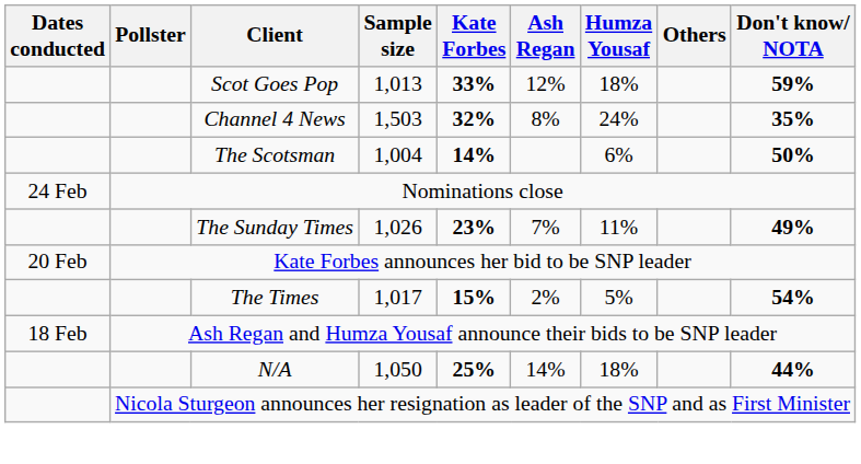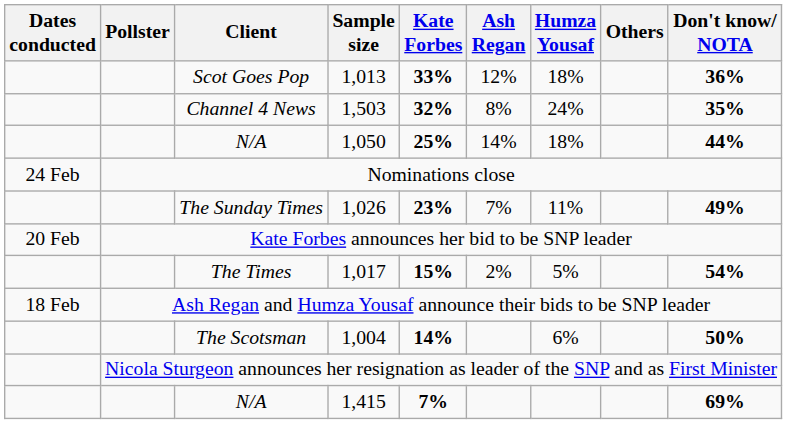 <table class="wikitable" style="font-size:90%;text-align:center">
 <tr>
 <th>Dates<br>conducted</th>
 <th>Pollster</th>
 <th>Client</th>
 <th>Sample<br>size</th>
 <th><a href='#'>Kate<br>Forbes</a></th>
 <th><a href='#'>Ash<br>Regan</a></th>
 <th><a href='#'>Humza<br>Yousaf</a></th>
 <th>Others</th>
 <th>Don't know/<br><a href='#'>NOTA</a></th>
 </tr>
 <tr>
 <td></td>
 <td></td>
 <td><em> Scot Goes Pop</em></td>
 <td>1,013</td>
 <td style="background:"><strong>33%</strong></td>
 <td>12%</td>
 <td>18%</td>
 <td></td>
-<td><strong>59%</strong></td>
+<td><strong>36%</strong></td>
 </tr>
 <tr>
 <td></td>
 <td></td>
 <td><em> Channel 4 News</em></td>
 <td>1,503</td>
 <td style="background:"><strong>32%</strong></td>
 <td>8%</td>
 <td>24%</td>
 <td></td>
 <td><strong>35%</strong></td>
 </tr>
 <tr>
 <td></td>
 <td></td>
-<td><em>The Scotsman</em></td>
-<td>1,004</td>
-<td style="background:"><strong>14%</strong></td>
+<td><em>N/A</em></td>
+<td>1,050</td>
+<td style="background:"><strong>25%</strong></td>
+<td>14%</td>
+<td>18%</td>
 <td></td>
-<td>6%</td>
-<td></td>
-<td><strong>50%</strong></td>
+<td><strong>44%</strong></td>
 </tr>
 <tr>
 <td>24 Feb</td>
 <td colspan="8">Nominations close</td>
 </tr>
 <tr>
 <td></td>
 <td></td>
 <td><em> The Sunday Times</em></td>
 <td>1,026</td>
 <td style="background:"><strong>23%</strong></td>
 <td>7%</td>
 <td>11%</td>
 <td></td>
 <td><strong>49%</strong></td>
 </tr>
 <tr>
 <td>20 Feb</td>
 <td colspan="8"><a href='#'>Kate Forbes</a> announces her bid to be SNP leader</td>
 </tr>
 <tr>
 <td></td>
 <td></td>
 <td><em>The Times</em></td>
 <td>1,017</td>
 <td style="background:"><strong>15%</strong></td>
 <td>2%</td>
 <td>5%</td>
 <td></td>
 <td><strong>54%</strong></td>
 </tr>
 <tr>
 <td>18 Feb</td>
 <td colspan="8"><a href='#'>Ash Regan</a> and <a href='#'>Humza Yousaf</a> announce their bids to be SNP leader</td>
 </tr>
 <tr>
 <td></td>
 <td></td>
-<td><em>N/A</em></td>
-<td>1,050</td>
-<td style="background:"><strong>25%</strong></td>
-<td>14%</td>
-<td>18%</td>
+<td><em>The Scotsman</em></td>
+<td>1,004</td>
+<td style="background:"><strong>14%</strong></td>
 <td></td>
-<td><strong>44%</strong></td>
+<td>6%</td>
+<td></td>
+<td><strong>50%</strong></td>
 </tr>
 <tr>
 <td></td>
 <td colspan="8"><a href='#'>Nicola Sturgeon</a> announces her resignation as leader of the <a href='#'>SNP</a> and as <a href='#'>First Minister</a></td>
 </tr>
+<tr>
+<td></td>
+<td></td>
+<td><em>N/A</em></td>
+<td>1,415</td>
+<td style="background:"><strong>7%</strong></td>
+<td></td>
+<td></td>
+<td></td>
+<td><strong>69%</strong></td>
+</tr>
 </table>
